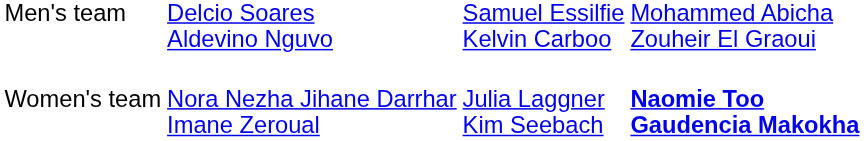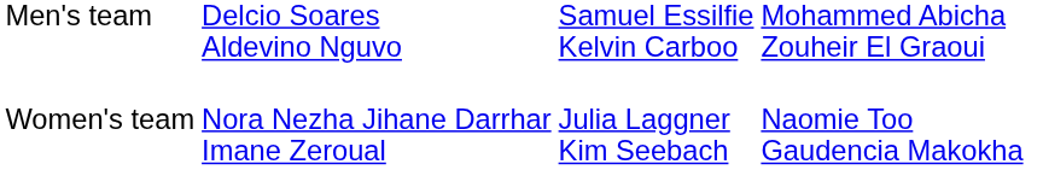 <table>
 <tr>
 <td>Men's team</td>
 <td><br><a href='#'>Delcio Soares</a><br><a href='#'>Aldevino Nguvo</a></td>
 <td><br><a href='#'>Samuel Essilfie</a><br><a href='#'>Kelvin Carboo</a></td>
 <td><br><a href='#'>Mohammed Abicha</a><br><a href='#'>Zouheir El Graoui</a></td>
 </tr>
 <tr>
 <td>Women's team</td>
 <td><br><a href='#'>Nora Nezha Jihane Darrhar</a><br><a href='#'>Imane Zeroual</a></td>
 <td><br><a href='#'>Julia Laggner</a><br><a href='#'>Kim Seebach</a></td>
-<td><strong><br><a href='#'>Naomie Too</a><br><a href='#'>Gaudencia Makokha</a></strong></td>
+<td><br><a href='#'>Naomie Too</a><br><a href='#'>Gaudencia Makokha</a></td>
 </tr>
 </table>
